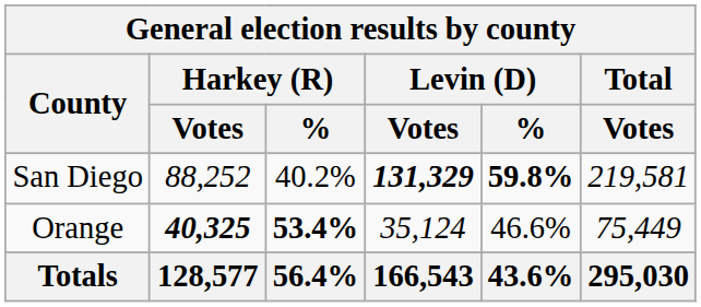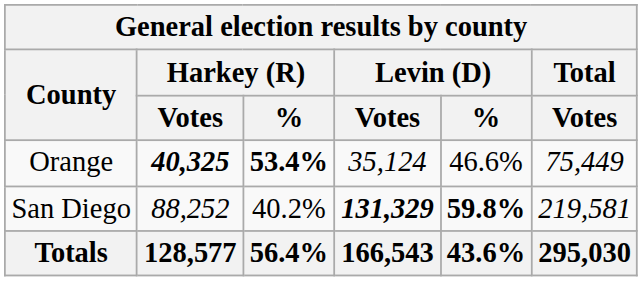 <table class="wikitable sortable" style="text-align:center">
 <tr>
 <th colspan=6>General election results by county</th>
 </tr>
 <tr>
 <th rowspan=2>County</th>
 <th colspan=2>Harkey (R)</th>
 <th colspan=2>Levin (D)</th>
 <th>Total</th>
 </tr>
 <tr>
 <th>Votes</th>
 <th>%</th>
 <th>Votes</th>
 <th>%</th>
 <th data-sort-type=number>Votes</th>
 </tr>
 <tr style="background-color:">
+<td>Orange</td>
+<td><strong><em>40,325</em></strong></td>
+<td><strong>53.4%</strong></td>
+<td><em>35,124</em></td>
+<td>46.6%</td>
+<td><em>75,449</em></td>
+</tr>
+<tr style="background-color:">
 <td>San Diego</td>
 <td><em>88,252</em></td>
 <td>40.2%</td>
 <td><strong><em>131,329</em></strong></td>
 <td><strong>59.8%</strong></td>
 <td><em>219,581</em></td>
-</tr>
-<tr style="background-color:">
-<td>Orange</td>
-<td><strong><em>40,325</em></strong></td>
-<td><strong>53.4%</strong></td>
-<td><em>35,124</em></td>
-<td>46.6%</td>
-<td><em>75,449</em></td>
 </tr>
 <tr>
 <th>Totals</th>
 <th>128,577</th>
 <th>56.4%</th>
 <th>166,543</th>
 <th>43.6%</th>
 <th>295,030</th>
 </tr>
 </table>
